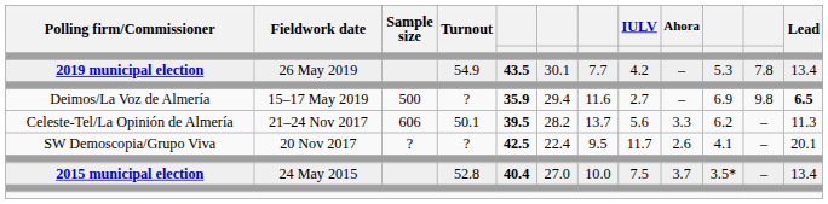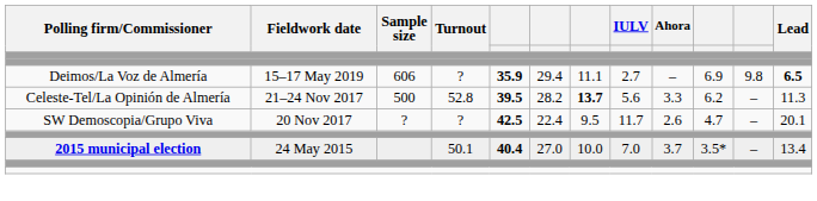 <table class="wikitable collapsible collapsed" style="text-align:center; font-size:95%; line-height:16px;">
 <tr style="height:42px;">
 <th style="width:250px;" rowspan="2">Polling firm/Commissioner</th>
 <th style="width:125px;" rowspan="2">Fieldwork date</th>
 <th style="width:50px;" rowspan="2">Sample size</th>
 <th style="width:45px;" rowspan="2">Turnout</th>
 <th style="width:35px;"></th>
 <th style="width:35px;"></th>
 <th style="width:35px;"></th>
 <th style="width:35px;"><a href='#'>IULV</a></th>
 <th style="width:35px; font-size:90%;">Ahora</th>
 <th style="width:35px;"></th>
 <th style="width:35px;"></th>
 <th style="width:30px;" rowspan="2">Lead</th>
 </tr>
 <tr>
 <th style="color:inherit;background:"></th>
 <th style="color:inherit;background:"></th>
 <th style="color:inherit;background:"></th>
 <th style="color:inherit;background:"></th>
 <th style="color:inherit;background:"></th>
 <th style="color:inherit;background:"></th>
 <th style="color:inherit;background:"></th>
 </tr>
 <tr>
 <td colspan="12" style="background:#A0A0A0"></td>
 </tr>
-<tr style="background:#EFEFEF;">
-<td><strong><a href='#'>2019 municipal election</a></strong></td>
-<td>26 May 2019</td>
-<td></td>
-<td>54.9</td>
-<td><strong>43.5</strong><br></td>
-<td>30.1<br></td>
-<td>7.7<br></td>
-<td>4.2<br></td>
-<td>–</td>
-<td>5.3<br></td>
-<td>7.8<br></td>
-<td style="background:">13.4</td>
-</tr>
 <tr>
 <td colspan="12" style="background:#A0A0A0"></td>
 </tr>
 <tr>
 <td>Deimos/La Voz de Almería</td>
 <td>15–17 May 2019</td>
-<td>500</td>
+<td>606</td>
 <td>?</td>
 <td><strong>35.9</strong><br></td>
 <td>29.4<br></td>
-<td>11.6<br></td>
+<td>11.1<br></td>
 <td>2.7<br></td>
 <td>–</td>
 <td>6.9<br></td>
 <td>9.8<br></td>
 <td style="background:"><strong>6.5</strong></td>
 </tr>
 <tr>
 <td>Celeste-Tel/La Opinión de Almería</td>
 <td>21–24 Nov 2017</td>
-<td>606</td>
-<td>50.1</td>
+<td>500</td>
+<td>52.8</td>
 <td><strong>39.5</strong><br></td>
 <td>28.2<br></td>
-<td>13.7<br></td>
+<td><strong>13.7<br></strong></td>
 <td>5.6<br></td>
 <td>3.3<br></td>
 <td>6.2<br></td>
 <td>–</td>
 <td style="background:">11.3</td>
 </tr>
 <tr>
 <td>SW Demoscopia/Grupo Viva</td>
 <td>20 Nov 2017</td>
 <td>?</td>
 <td>?</td>
 <td><strong>42.5</strong><br></td>
 <td>22.4<br></td>
 <td>9.5<br></td>
 <td>11.7<br></td>
 <td>2.6<br></td>
-<td>4.1<br></td>
+<td>4.7<br></td>
 <td>–</td>
 <td style="background:">20.1</td>
 </tr>
 <tr>
 <td colspan="12" style="background:#A0A0A0"></td>
 </tr>
 <tr style="background:#EFEFEF;">
 <td><strong><a href='#'>2015 municipal election</a></strong></td>
 <td>24 May 2015</td>
 <td></td>
-<td>52.8</td>
+<td>50.1</td>
 <td><strong>40.4</strong><br></td>
 <td>27.0<br></td>
 <td>10.0<br></td>
-<td>7.5<br></td>
+<td>7.0<br></td>
 <td>3.7<br></td>
 <td>3.5*<br></td>
 <td>–</td>
 <td style="background:">13.4</td>
 </tr>
 <tr>
 <td colspan="12" style="background:#A0A0A0"></td>
 </tr>
 <tr>
 <td align="left" colspan="12"></td>
 </tr>
 </table>
